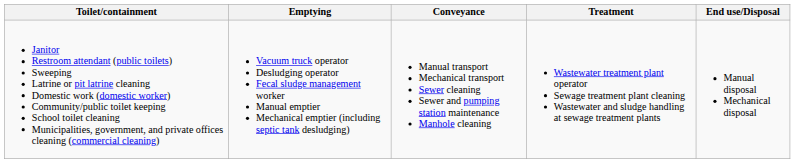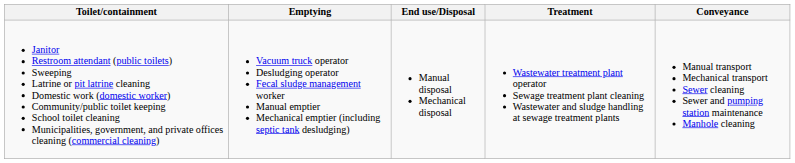 <table class="wikitable">
 <tr>
 <th>Toilet/containment</th>
 <th>Emptying</th>
+<th>End use/Disposal</th>
+<th>Treatment</th>
 <th>Conveyance</th>
-<th>Treatment</th>
-<th>End use/Disposal</th>
 </tr>
 <tr>
 <td><br><ul><li><a href='#'>Janitor</a></li><li><a href='#'>Restroom attendant</a> (<a href='#'>public toilets</a>)</li><li>Sweeping</li><li>Latrine or <a href='#'>pit latrine</a> cleaning</li><li>Domestic work (<a href='#'>domestic worker</a>)</li><li>Community/public toilet keeping</li><li>School toilet cleaning</li><li>Municipalities, government, and private offices cleaning (<a href='#'>commercial cleaning</a>)</li></ul></td>
 <td><br><ul><li><a href='#'>Vacuum truck</a> operator</li><li>Desludging operator</li><li><a href='#'>Fecal sludge management</a> worker</li><li>Manual emptier</li><li>Mechanical emptier (including <a href='#'>septic tank</a> desludging)</li></ul></td>
+<td><br><ul><li>Manual disposal</li><li>Mechanical disposal</li></ul></td>
+<td><br><ul><li><a href='#'>Wastewater treatment plant</a> operator</li><li>Sewage treatment plant cleaning</li><li>Wastewater and sludge handling at sewage treatment plants</li></ul></td>
 <td><br><ul><li>Manual transport</li><li>Mechanical transport</li><li><a href='#'>Sewer</a> cleaning</li><li>Sewer and <a href='#'>pumping station</a> maintenance</li><li><a href='#'>Manhole</a> cleaning</li></ul></td>
-<td><br><ul><li><a href='#'>Wastewater treatment plant</a> operator</li><li>Sewage treatment plant cleaning</li><li>Wastewater and sludge handling at sewage treatment plants</li></ul></td>
-<td><br><ul><li>Manual disposal</li><li>Mechanical disposal</li></ul></td>
 </tr>
 </table>
